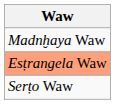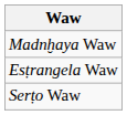 <table class="wikitable">
 <tr>
 <th><strong>Waw</strong></th>
 </tr>
 <tr>
 <td> <em>Madnḫaya</em> Waw</td>
 </tr>
 <tr>
-<td style="background: lightsalmon;"> <em>Esṭrangela</em> Waw</td>
+<td> <em>Esṭrangela</em> Waw</td>
 </tr>
 <tr>
 <td> <em>Serṭo</em> Waw</td>
 </tr>
 </table>
